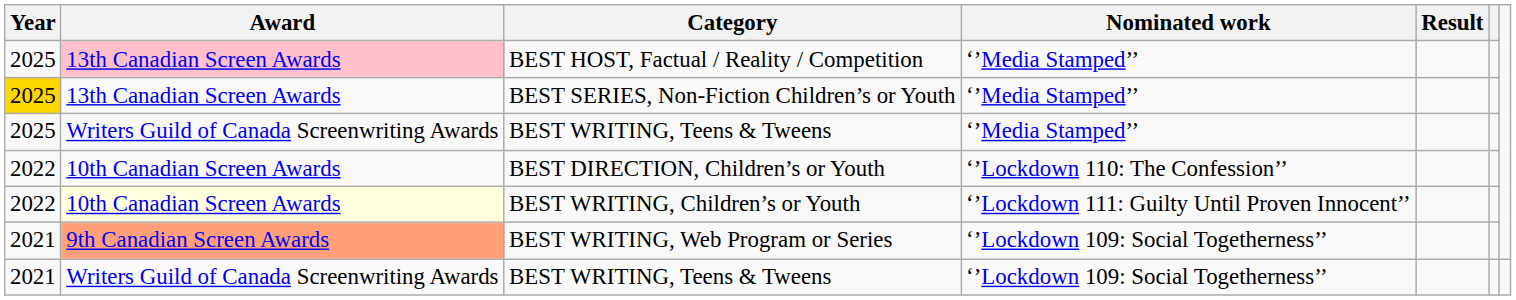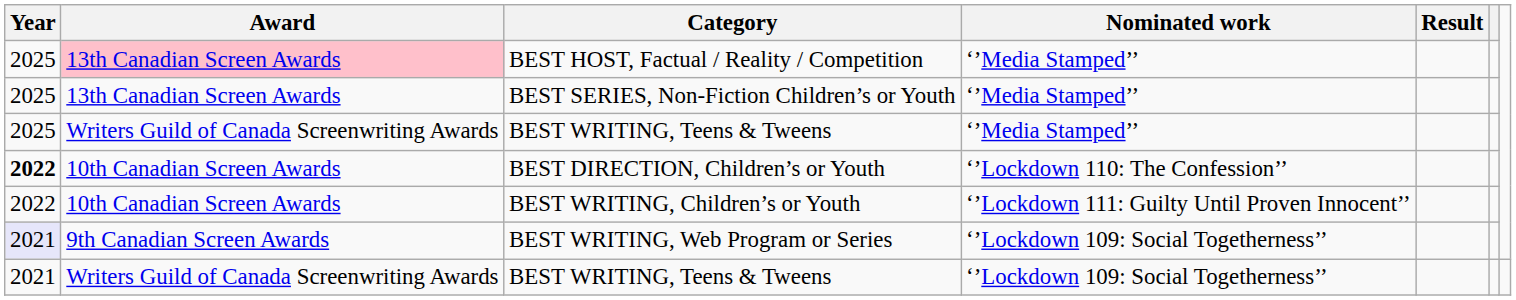 <table class="wikitable sortable">
 <tr>
 <th>Year</th>
 <th>Award</th>
 <th>Category</th>
 <th>Nominated work</th>
 <th>Result</th>
 <th class="unsortable"></th>
 </tr>
 <tr>
 <td>2025</td>
 <td style="background: pink;"><a href='#'>13th Canadian Screen Awards</a></td>
 <td>BEST HOST, Factual / Reality / Competition</td>
 <td>‘’<a href='#'>Media Stamped</a>’’</td>
 <td></td>
 <td style="text-align: center;"></td>
 </tr>
 <tr>
-<td style="background: gold;">2025</td>
+<td>2025</td>
 <td><a href='#'>13th Canadian Screen Awards</a></td>
 <td>BEST SERIES, Non-Fiction Children’s or Youth</td>
 <td>‘’<a href='#'>Media Stamped</a>’’</td>
 <td></td>
 <td style="text-align: center;"></td>
 </tr>
 <tr>
 <td>2025</td>
 <td><a href='#'>Writers Guild of Canada</a> Screenwriting Awards</td>
 <td>BEST WRITING, Teens & Tweens</td>
 <td>‘’<a href='#'>Media Stamped</a>’’</td>
 <td></td>
 <td style="text-align: center;"></td>
 </tr>
 <tr>
-<td>2022</td>
+<td><strong>2022</strong></td>
 <td><a href='#'>10th Canadian Screen Awards</a></td>
 <td>BEST DIRECTION, Children’s or Youth</td>
 <td>‘’<a href='#'>Lockdown</a> 110: The Confession’’</td>
 <td></td>
 <td style="text-align: center;"></td>
 </tr>
 <tr>
 <td>2022</td>
-<td style="background: lightyellow;"><a href='#'>10th Canadian Screen Awards</a></td>
+<td><a href='#'>10th Canadian Screen Awards</a></td>
 <td>BEST WRITING, Children’s or Youth</td>
 <td>‘’<a href='#'>Lockdown</a> 111: Guilty Until Proven Innocent’’</td>
 <td></td>
 <td style="text-align: center;"></td>
 </tr>
 <tr>
-<td>2021</td>
-<td style="background: lightsalmon;"><a href='#'>9th Canadian Screen Awards</a></td>
+<td style="background: lavender;">2021</td>
+<td><a href='#'>9th Canadian Screen Awards</a></td>
 <td>BEST WRITING, Web Program or Series </td>
 <td>‘’<a href='#'>Lockdown</a> 109: Social Togetherness’’</td>
 <td></td>
 <td style="text-align: center;"></td>
 </tr>
 <tr>
 <td>2021</td>
 <td><a href='#'>Writers Guild of Canada</a> Screenwriting Awards</td>
 <td>BEST WRITING, Teens & Tweens </td>
 <td>‘’<a href='#'>Lockdown</a> 109: Social Togetherness’’</td>
 <td></td>
 <td style="text-align: center;"></td>
 <td></td>
 </tr>
 </table>
